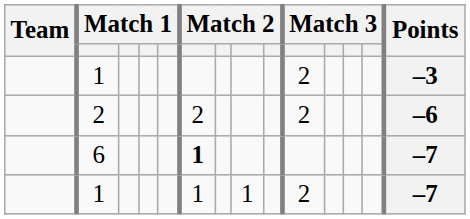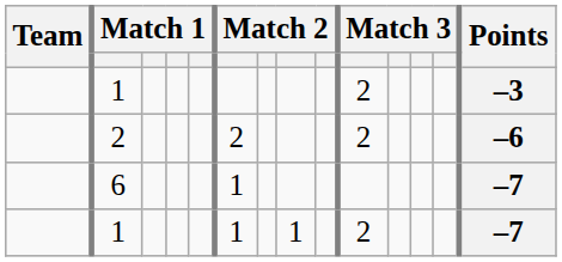 <table class="wikitable sortable" style="text-align:center;">
 <tr>
 <th rowspan=2>Team</th>
 <th colspan=4 style="border-left:3px solid gray">Match 1</th>
 <th colspan=4 style="border-left:3px solid gray">Match 2</th>
 <th colspan=4 style="border-left:3px solid gray">Match 3</th>
 <th rowspan=2 style="border-left:3px solid gray">Points</th>
 </tr>
 <tr>
 <th style="border-left:3px solid gray"></th>
 <th></th>
 <th></th>
 <th></th>
 <th style="border-left:3px solid gray"></th>
 <th></th>
 <th></th>
 <th></th>
 <th style="border-left:3px solid gray"></th>
 <th></th>
 <th></th>
 <th></th>
 </tr>
 <tr>
 <td align=left></td>
 <td style="border-left:3px solid gray">1</td>
 <td></td>
 <td></td>
 <td></td>
 <td style="border-left:3px solid gray"></td>
 <td></td>
 <td></td>
 <td></td>
 <td style="border-left:3px solid gray">2</td>
 <td></td>
 <td></td>
 <td></td>
 <th style="border-left:3px solid gray">–3</th>
 </tr>
 <tr>
 <td align=left></td>
 <td style="border-left:3px solid gray">2</td>
 <td></td>
 <td></td>
 <td></td>
 <td style="border-left:3px solid gray">2</td>
 <td></td>
 <td></td>
 <td></td>
 <td style="border-left:3px solid gray">2</td>
 <td></td>
 <td></td>
 <td></td>
 <th style="border-left:3px solid gray">–6</th>
 </tr>
 <tr>
 <td align=left></td>
 <td style="border-left:3px solid gray">6</td>
 <td></td>
 <td></td>
 <td></td>
-<td style="border-left:3px solid gray"><strong>1</strong></td>
+<td style="border-left:3px solid gray">1</td>
 <td></td>
 <td></td>
 <td></td>
 <td style="border-left:3px solid gray"></td>
 <td></td>
 <td></td>
 <td></td>
 <th style="border-left:3px solid gray">–7</th>
 </tr>
 <tr>
 <td align=left></td>
 <td style="border-left:3px solid gray">1</td>
 <td></td>
 <td></td>
 <td></td>
 <td style="border-left:3px solid gray">1</td>
 <td></td>
 <td>1</td>
 <td></td>
 <td style="border-left:3px solid gray">2</td>
 <td></td>
 <td></td>
 <td></td>
 <th style="border-left:3px solid gray">–7</th>
 </tr>
 </table>
